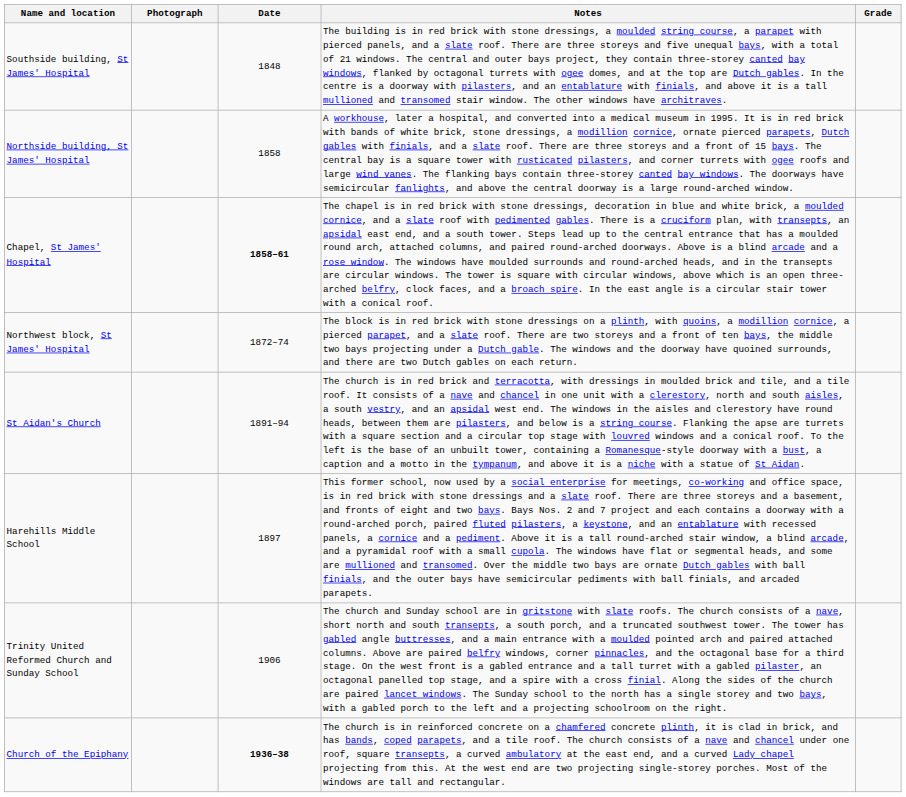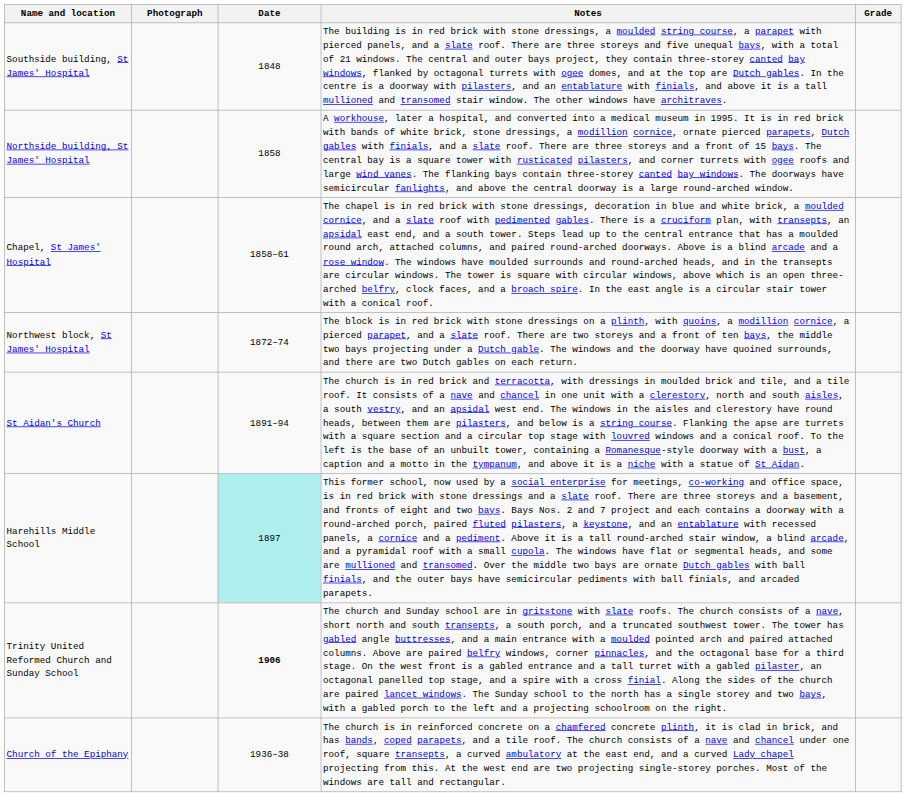 <table class="wikitable sortable plainrowheaders" style="width:100%; border:0; text-align:left; line-height:150%;">
 <tr>
 <th scope="col"  style="width:150px">Name and location</th>
 <th scope="col"  style="width:100px" class="unsortable">Photograph</th>
 <th scope="col"  style="width:120px">Date</th>
 <th scope="col"  style="width:650px" class="unsortable">Notes</th>
 <th scope="col"  style="width:50px">Grade</th>
 </tr>
 <tr>
 <td>Southside building, <a href='#'>St James' Hospital</a><br><small></small></td>
 <td></td>
 <td align="center">1848</td>
 <td>The building is in red brick with stone dressings, a <a href='#'>moulded</a> <a href='#'>string course</a>, a <a href='#'>parapet</a> with pierced panels, and a <a href='#'>slate</a> roof.  There are three storeys and five unequal <a href='#'>bays</a>, with a total of 21 windows. The central and outer bays project, they contain three-storey <a href='#'>canted</a> <a href='#'>bay windows</a>, flanked by octagonal turrets with <a href='#'>ogee</a> domes, and at the top are <a href='#'>Dutch gables</a>. In the centre is a doorway with <a href='#'>pilasters</a>, and an <a href='#'>entablature</a> with <a href='#'>finials</a>, and above it is a tall <a href='#'>mullioned</a> and <a href='#'>transomed</a> stair window.  The other windows have <a href='#'>architraves</a>.</td>
 <td align="center" ></td>
 </tr>
 <tr>
 <td><a href='#'>Northside building, St James' Hospital</a><br><small></small></td>
 <td></td>
 <td align="center">1858</td>
 <td>A <a href='#'>workhouse</a>, later a hospital, and converted into a medical museum in 1995.  It is in red brick with bands of white brick, stone dressings, a <a href='#'>modillion</a> <a href='#'>cornice</a>, ornate pierced <a href='#'>parapets</a>, <a href='#'>Dutch gables</a> with <a href='#'>finials</a>, and a <a href='#'>slate</a> roof.  There are three storeys and a front of 15 <a href='#'>bays</a>.  The central bay is a square tower with <a href='#'>rusticated</a> <a href='#'>pilasters</a>, and corner turrets with <a href='#'>ogee</a> roofs and large <a href='#'>wind vanes</a>.  The flanking bays contain three-storey <a href='#'>canted</a> <a href='#'>bay windows</a>.  The doorways have semicircular <a href='#'>fanlights</a>, and above the central doorway is a large round-arched window.</td>
 <td align="center" ></td>
 </tr>
 <tr>
 <td>Chapel, <a href='#'>St James' Hospital</a><br><small></small></td>
 <td></td>
-<td align="center"><strong>1858–61</strong></td>
+<td align="center">1858–61</td>
 <td>The chapel is in red brick with stone dressings, decoration in blue and white brick, a <a href='#'>moulded</a> <a href='#'>cornice</a>, and a <a href='#'>slate</a> roof with <a href='#'>pedimented</a> <a href='#'>gables</a>.   There is a <a href='#'>cruciform</a> plan, with <a href='#'>transepts</a>, an <a href='#'>apsidal</a> east end, and a south tower.  Steps lead up to the central entrance that has a moulded round arch, attached columns, and paired round-arched doorways.  Above is a blind <a href='#'>arcade</a> and a <a href='#'>rose window</a>.  The windows have moulded surrounds and round-arched heads, and in the transepts are circular windows.  The tower is square with circular windows, above which is an open three-arched <a href='#'>belfry</a>, clock faces, and a <a href='#'>broach spire</a>.  In the east angle is a circular stair tower with a conical roof.</td>
 <td align="center" ></td>
 </tr>
 <tr>
 <td>Northwest block, <a href='#'>St James' Hospital</a><br><small></small></td>
 <td></td>
 <td align="center">1872–74</td>
 <td>The block is in red brick with stone dressings on a <a href='#'>plinth</a>, with <a href='#'>quoins</a>, a <a href='#'>modillion</a> <a href='#'>cornice</a>, a pierced <a href='#'>parapet</a>, and a <a href='#'>slate</a> roof.  There are two storeys and a front of ten <a href='#'>bays</a>, the middle two bays projecting under a <a href='#'>Dutch gable</a>.  The windows and the doorway have quoined surrounds, and there are two Dutch gables on each return.</td>
 <td align="center" ></td>
 </tr>
 <tr>
 <td><a href='#'>St Aidan's Church</a><br><small></small></td>
 <td></td>
 <td align="center">1891–94</td>
 <td>The church is in red brick and <a href='#'>terracotta</a>, with dressings in moulded brick and tile, and a tile roof.  It consists of a <a href='#'>nave</a> and <a href='#'>chancel</a> in one unit with a <a href='#'>clerestory</a>, north and south <a href='#'>aisles</a>, a south <a href='#'>vestry</a>, and an <a href='#'>apsidal</a> west end.  The windows in the aisles and clerestory have round heads, between them are <a href='#'>pilasters</a>, and below is a <a href='#'>string course</a>. Flanking the apse are turrets with a square section and a circular top stage with <a href='#'>louvred</a> windows and a conical roof.  To the left is the base of an unbuilt tower, containing a <a href='#'>Romanesque</a>-style doorway with a <a href='#'>bust</a>, a caption and a motto in the <a href='#'>tympanum</a>, and above it is a <a href='#'>niche</a> with a statue of <a href='#'>St Aidan</a>.</td>
 <td align="center" ></td>
 </tr>
 <tr>
 <td>Harehills Middle School<br><small></small></td>
 <td></td>
-<td align="center">1897</td>
+<td align="center" style="background: paleturquoise;">1897</td>
 <td>This former school, now used by a <a href='#'>social enterprise</a> for meetings, <a href='#'>co-working</a> and office space, is in red brick with stone dressings and a <a href='#'>slate</a> roof. There are three storeys and a basement, and fronts of eight and two <a href='#'>bays</a>. Bays Nos. 2 and 7 project and each contains a doorway with a round-arched porch, paired <a href='#'>fluted</a> <a href='#'>pilasters</a>, a <a href='#'>keystone</a>, and an <a href='#'>entablature</a> with recessed panels, a <a href='#'>cornice</a> and a <a href='#'>pediment</a>. Above it is a tall round-arched stair window, a blind <a href='#'>arcade</a>, and a pyramidal roof with a small <a href='#'>cupola</a>. The windows have flat or segmental heads, and some are <a href='#'>mullioned</a> and <a href='#'>transomed</a>. Over the middle two bays are ornate <a href='#'>Dutch gables</a> with ball <a href='#'>finials</a>, and the outer bays have semicircular pediments with ball finials, and arcaded parapets.</td>
 <td align="center" ></td>
 </tr>
 <tr>
 <td>Trinity United Reformed Church and Sunday School<br><small></small></td>
 <td></td>
-<td align="center">1906</td>
+<td align="center"><strong>1906</strong></td>
 <td>The church and Sunday school are in <a href='#'>gritstone</a> with <a href='#'>slate</a> roofs. The church consists of a <a href='#'>nave</a>, short north and south <a href='#'>transepts</a>, a south porch, and a truncated southwest tower.  The tower has <a href='#'>gabled</a> angle <a href='#'>buttresses</a>, and a main entrance with a <a href='#'>moulded</a> pointed arch and paired attached columns.  Above are paired <a href='#'>belfry</a> windows, corner <a href='#'>pinnacles</a>, and the octagonal base for a third stage.  On the west front is a gabled entrance and a tall turret with a gabled <a href='#'>pilaster</a>, an octagonal panelled top stage, and a spire with a cross <a href='#'>finial</a>.  Along the sides of the church are paired <a href='#'>lancet windows</a>.  The Sunday school to the north has a single storey and two <a href='#'>bays</a>, with a gabled porch to the left and a projecting schoolroom on the right.</td>
 <td align="center" ></td>
 </tr>
 <tr>
 <td><a href='#'>Church of the Epiphany</a><br><small></small></td>
 <td></td>
-<td align="center"><strong>1936–38</strong></td>
+<td align="center">1936–38</td>
 <td>The church is in reinforced concrete on a <a href='#'>chamfered</a> concrete <a href='#'>plinth</a>, it is clad in brick, and has <a href='#'>bands</a>, <a href='#'>coped</a> <a href='#'>parapets</a>, and a tile roof.  The church consists of a <a href='#'>nave</a> and <a href='#'>chancel</a> under one roof, square <a href='#'>transepts</a>, a curved <a href='#'>ambulatory</a> at the east end, and a curved <a href='#'>Lady chapel</a> projecting from this.  At the west end are two projecting single-storey porches.  Most of the windows are tall and rectangular.</td>
 <td align="center" ></td>
 </tr>
 <tr>
 </tr>
 </table>
